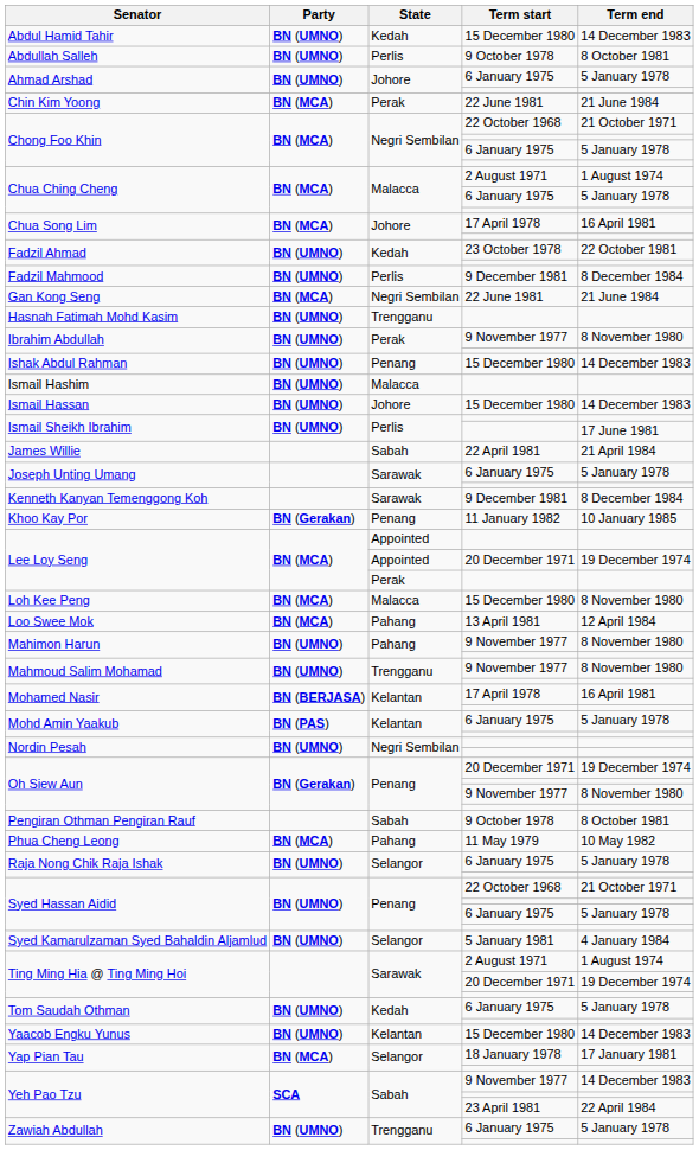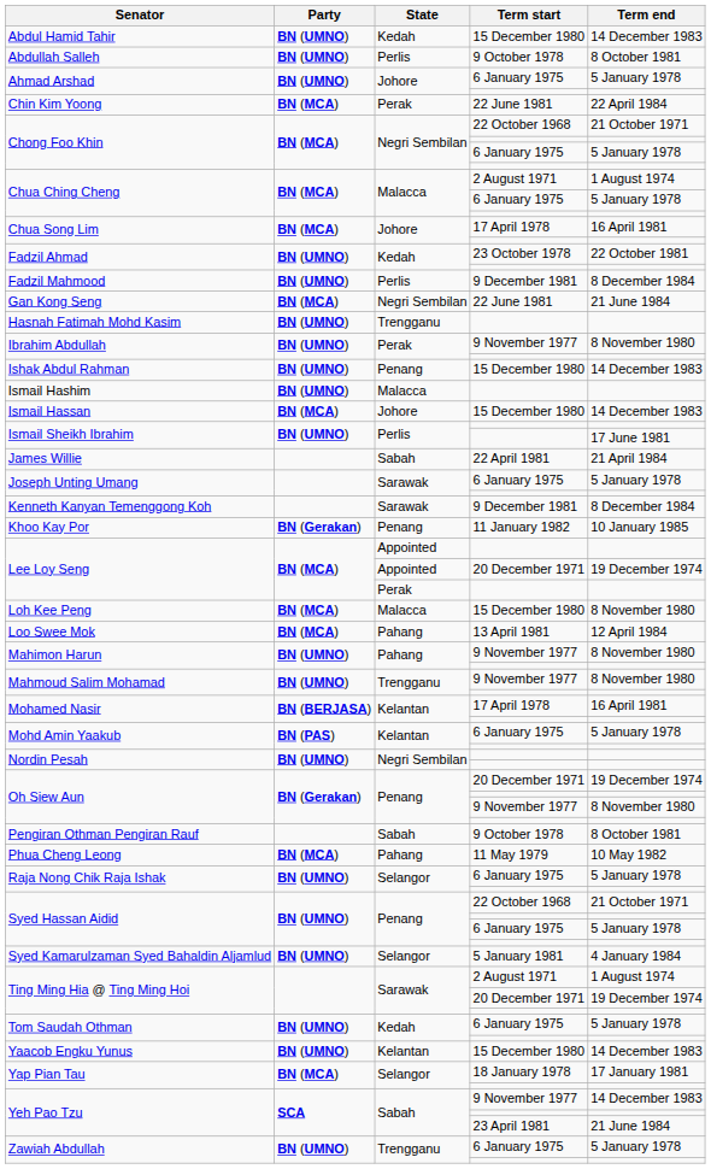 <table class="wikitable sortable">
 <tr>
 <th>Senator</th>
 <th>Party</th>
 <th>State</th>
 <th>Term start</th>
 <th>Term end</th>
 </tr>
 <tr>
 <td><a href='#'>Abdul Hamid Tahir</a></td>
 <td><strong><a href='#'>BN</a></strong> (<strong><a href='#'>UMNO</a></strong>)</td>
 <td>Kedah</td>
 <td>15 December 1980</td>
 <td>14 December 1983</td>
 </tr>
 <tr>
 <td><a href='#'>Abdullah Salleh</a></td>
 <td><strong><a href='#'>BN</a></strong> (<strong><a href='#'>UMNO</a></strong>)</td>
 <td>Perlis</td>
 <td>9 October 1978</td>
 <td>8 October 1981</td>
 </tr>
 <tr>
 <td rowspan=2><a href='#'>Ahmad Arshad</a></td>
 <td rowspan=2><strong><a href='#'>BN</a></strong> (<strong><a href='#'>UMNO</a></strong>)</td>
 <td rowspan=2>Johore</td>
 <td>6 January 1975</td>
 <td>5 January 1978</td>
 </tr>
 <tr>
 <td></td>
 <td></td>
 </tr>
 <tr>
 <td><a href='#'>Chin Kim Yoong</a></td>
 <td><strong><a href='#'>BN</a></strong> (<strong><a href='#'>MCA</a></strong>)</td>
 <td>Perak</td>
 <td>22 June 1981</td>
-<td>21 June 1984</td>
+<td>22 April 1984</td>
 </tr>
 <tr>
 <td rowspan=4><a href='#'>Chong Foo Khin</a></td>
 <td rowspan=4><strong><a href='#'>BN</a></strong> (<strong><a href='#'>MCA</a></strong>)</td>
 <td rowspan=4>Negri Sembilan</td>
 <td>22 October 1968</td>
 <td>21 October 1971</td>
 </tr>
 <tr>
 <td></td>
 <td></td>
 </tr>
 <tr>
 <td>6 January 1975</td>
 <td>5 January 1978</td>
 </tr>
 <tr>
 <td></td>
 <td></td>
 </tr>
 <tr>
 <td rowspan=3><a href='#'>Chua Ching Cheng</a></td>
 <td rowspan=3><strong><a href='#'>BN</a></strong> (<strong><a href='#'>MCA</a></strong>)</td>
 <td rowspan=3>Malacca</td>
 <td>2 August 1971</td>
 <td>1 August 1974</td>
 </tr>
 <tr>
 <td>6 January 1975</td>
 <td>5 January 1978</td>
 </tr>
 <tr>
 <td></td>
 <td></td>
 </tr>
 <tr>
 <td rowspan=2><a href='#'>Chua Song Lim</a></td>
 <td rowspan=2><strong><a href='#'>BN</a></strong> (<strong><a href='#'>MCA</a></strong>)</td>
 <td rowspan=2>Johore</td>
 <td>17 April 1978</td>
 <td>16 April 1981</td>
 </tr>
 <tr>
 <td></td>
 <td></td>
 </tr>
 <tr>
 <td rowspan=2><a href='#'>Fadzil Ahmad</a></td>
 <td rowspan=2><strong><a href='#'>BN</a></strong> (<strong><a href='#'>UMNO</a></strong>)</td>
 <td rowspan=2>Kedah</td>
 <td>23 October 1978</td>
 <td>22 October 1981</td>
 </tr>
 <tr>
 <td></td>
 <td></td>
 </tr>
 <tr>
 <td><a href='#'>Fadzil Mahmood</a></td>
 <td><strong><a href='#'>BN</a></strong> (<strong><a href='#'>UMNO</a></strong>)</td>
 <td>Perlis</td>
 <td>9 December 1981</td>
 <td>8 December 1984</td>
 </tr>
 <tr>
 <td><a href='#'>Gan Kong Seng</a></td>
 <td><strong><a href='#'>BN</a></strong> (<strong><a href='#'>MCA</a></strong>)</td>
 <td>Negri Sembilan</td>
 <td>22 June 1981</td>
 <td>21 June 1984</td>
 </tr>
 <tr>
 <td><a href='#'>Hasnah Fatimah Mohd Kasim</a></td>
 <td><strong><a href='#'>BN</a></strong> (<strong><a href='#'>UMNO</a></strong>)</td>
 <td>Trengganu</td>
 <td></td>
 <td></td>
 </tr>
 <tr>
 <td rowspan=2><a href='#'>Ibrahim Abdullah</a></td>
 <td rowspan=2><strong><a href='#'>BN</a></strong> (<strong><a href='#'>UMNO</a></strong>)</td>
 <td rowspan=2>Perak</td>
 <td>9 November 1977</td>
 <td>8 November 1980</td>
 </tr>
 <tr>
 <td></td>
 <td></td>
 </tr>
 <tr>
 <td><a href='#'>Ishak Abdul Rahman</a></td>
 <td><strong><a href='#'>BN</a></strong> (<strong><a href='#'>UMNO</a></strong>)</td>
 <td>Penang</td>
 <td>15 December 1980</td>
 <td>14 December 1983</td>
 </tr>
 <tr>
 <td>Ismail Hashim</td>
 <td><strong><a href='#'>BN</a></strong> (<strong><a href='#'>UMNO</a></strong>)</td>
 <td>Malacca</td>
 <td></td>
 <td></td>
 </tr>
 <tr>
 <td><a href='#'>Ismail Hassan</a></td>
-<td><strong><a href='#'>BN</a></strong> (<strong><a href='#'>UMNO</a></strong>)</td>
+<td><strong><a href='#'>BN</a></strong> (<strong><a href='#'>MCA</a></strong>)</td>
 <td>Johore</td>
 <td>15 December 1980</td>
 <td>14 December 1983</td>
 </tr>
 <tr>
 <td rowspan=2><a href='#'>Ismail Sheikh Ibrahim</a></td>
 <td rowspan=2><strong><a href='#'>BN</a></strong> (<strong><a href='#'>UMNO</a></strong>)</td>
 <td rowspan=2>Perlis</td>
 <td></td>
 <td></td>
 </tr>
 <tr>
 <td></td>
 <td>17 June 1981</td>
 </tr>
 <tr>
 <td><a href='#'>James Willie</a></td>
 <td></td>
 <td>Sabah</td>
 <td>22 April 1981</td>
 <td>21 April 1984</td>
 </tr>
 <tr>
 <td rowspan=2><a href='#'>Joseph Unting Umang</a></td>
 <td rowspan=2></td>
 <td rowspan=2>Sarawak</td>
 <td>6 January 1975</td>
 <td>5 January 1978</td>
 </tr>
 <tr>
 <td></td>
 <td></td>
 </tr>
 <tr>
 <td><a href='#'>Kenneth Kanyan Temenggong Koh</a></td>
 <td></td>
 <td>Sarawak</td>
 <td>9 December 1981</td>
 <td>8 December 1984</td>
 </tr>
 <tr>
 <td><a href='#'>Khoo Kay Por</a></td>
 <td><strong><a href='#'>BN</a></strong> (<strong><a href='#'>Gerakan</a></strong>)</td>
 <td>Penang</td>
 <td>11 January 1982</td>
 <td>10 January 1985</td>
 </tr>
 <tr>
 <td rowspan=3><a href='#'>Lee Loy Seng</a></td>
 <td rowspan=3><strong><a href='#'>BN</a></strong> (<strong><a href='#'>MCA</a></strong>)</td>
 <td>Appointed</td>
 <td></td>
 <td></td>
 </tr>
 <tr>
 <td>Appointed</td>
 <td>20 December 1971</td>
 <td>19 December 1974</td>
 </tr>
 <tr>
 <td>Perak</td>
 <td></td>
 <td></td>
 </tr>
 <tr>
 <td><a href='#'>Loh Kee Peng</a></td>
 <td><strong><a href='#'>BN</a></strong> (<strong><a href='#'>MCA</a></strong>)</td>
 <td>Malacca</td>
 <td>15 December 1980</td>
 <td>8 November 1980</td>
 </tr>
 <tr>
 <td><a href='#'>Loo Swee Mok</a></td>
 <td><strong><a href='#'>BN</a></strong> (<strong><a href='#'>MCA</a></strong>)</td>
 <td>Pahang</td>
 <td>13 April 1981</td>
 <td>12 April 1984</td>
 </tr>
 <tr>
 <td rowspan=2><a href='#'>Mahimon Harun</a></td>
 <td rowspan=2><strong><a href='#'>BN</a></strong> (<strong><a href='#'>UMNO</a></strong>)</td>
 <td rowspan=2>Pahang</td>
 <td>9 November 1977</td>
 <td>8 November 1980</td>
 </tr>
 <tr>
 <td></td>
 <td></td>
 </tr>
 <tr>
 <td rowspan=2><a href='#'>Mahmoud Salim Mohamad</a></td>
 <td rowspan=2><strong><a href='#'>BN</a></strong> (<strong><a href='#'>UMNO</a></strong>)</td>
 <td rowspan=2>Trengganu</td>
 <td>9 November 1977</td>
 <td>8 November 1980</td>
 </tr>
 <tr>
 <td></td>
 <td></td>
 </tr>
 <tr>
 <td rowspan=2><a href='#'>Mohamed Nasir</a></td>
 <td rowspan=2><strong><a href='#'>BN</a></strong> (<strong><a href='#'>BERJASA</a></strong>)</td>
 <td rowspan=2>Kelantan</td>
 <td>17 April 1978</td>
 <td>16 April 1981</td>
 </tr>
 <tr>
 <td></td>
 <td></td>
 </tr>
 <tr>
 <td rowspan=2><a href='#'>Mohd Amin Yaakub</a></td>
 <td rowspan=2><strong><a href='#'>BN</a></strong> (<strong><a href='#'>PAS</a></strong>)</td>
 <td rowspan=2>Kelantan</td>
 <td>6 January 1975</td>
 <td>5 January 1978</td>
 </tr>
 <tr>
 <td></td>
 <td></td>
 </tr>
 <tr>
 <td rowspan=2><a href='#'>Nordin Pesah</a></td>
 <td rowspan=2><strong><a href='#'>BN</a></strong> (<strong><a href='#'>UMNO</a></strong>)</td>
 <td rowspan=2>Negri Sembilan</td>
 <td></td>
 <td></td>
 </tr>
 <tr>
 <td></td>
 <td></td>
 </tr>
 <tr>
 <td rowspan=4><a href='#'>Oh Siew Aun</a></td>
 <td rowspan=4><strong><a href='#'>BN</a></strong> (<strong><a href='#'>Gerakan</a></strong>)</td>
 <td rowspan=4>Penang</td>
 <td>20 December 1971</td>
 <td>19 December 1974</td>
 </tr>
 <tr>
 <td></td>
 <td></td>
 </tr>
 <tr>
 <td>9 November 1977</td>
 <td>8 November 1980</td>
 </tr>
 <tr>
 <td></td>
 <td></td>
 </tr>
 <tr>
 <td><a href='#'>Pengiran Othman Pengiran Rauf</a></td>
 <td></td>
 <td>Sabah</td>
 <td>9 October 1978</td>
 <td>8 October 1981</td>
 </tr>
 <tr>
 <td><a href='#'>Phua Cheng Leong</a></td>
 <td><strong><a href='#'>BN</a></strong> (<strong><a href='#'>MCA</a></strong>)</td>
 <td>Pahang</td>
 <td>11 May 1979</td>
 <td>10 May 1982</td>
 </tr>
 <tr>
 <td rowspan=2><a href='#'>Raja Nong Chik Raja Ishak</a></td>
 <td rowspan=2><strong><a href='#'>BN</a></strong> (<strong><a href='#'>UMNO</a></strong>)</td>
 <td rowspan=2>Selangor</td>
 <td>6 January 1975</td>
 <td>5 January 1978</td>
 </tr>
 <tr>
 <td></td>
 <td></td>
 </tr>
 <tr>
 <td rowspan=4><a href='#'>Syed Hassan Aidid</a></td>
 <td rowspan=4><strong><a href='#'>BN</a></strong> (<strong><a href='#'>UMNO</a></strong>)</td>
 <td rowspan=4>Penang</td>
 <td>22 October 1968</td>
 <td>21 October 1971</td>
 </tr>
 <tr>
 <td></td>
 <td></td>
 </tr>
 <tr>
 <td>6 January 1975</td>
 <td>5 January 1978</td>
 </tr>
 <tr>
 <td></td>
 <td></td>
 </tr>
 <tr>
 <td><a href='#'>Syed Kamarulzaman Syed Bahaldin Aljamlud</a></td>
 <td><strong><a href='#'>BN</a></strong> (<strong><a href='#'>UMNO</a></strong>)</td>
 <td>Selangor</td>
 <td>5 January 1981</td>
 <td>4 January 1984</td>
 </tr>
 <tr>
 <td rowspan=3><a href='#'>Ting Ming Hia</a> @ <a href='#'>Ting Ming Hoi</a></td>
 <td rowspan=3></td>
 <td rowspan=3>Sarawak</td>
 <td>2 August 1971</td>
 <td>1 August 1974</td>
 </tr>
 <tr>
 <td>20 December 1971</td>
 <td>19 December 1974</td>
 </tr>
 <tr>
 <td></td>
 <td></td>
 </tr>
 <tr>
 <td rowspan=2><a href='#'>Tom Saudah Othman</a></td>
 <td rowspan=2><strong><a href='#'>BN</a></strong> (<strong><a href='#'>UMNO</a></strong>)</td>
 <td rowspan=2>Kedah</td>
 <td>6 January 1975</td>
 <td>5 January 1978</td>
 </tr>
 <tr>
 <td></td>
 <td></td>
 </tr>
 <tr>
 <td><a href='#'>Yaacob Engku Yunus</a></td>
 <td><strong><a href='#'>BN</a></strong> (<strong><a href='#'>UMNO</a></strong>)</td>
 <td>Kelantan</td>
 <td>15 December 1980</td>
 <td>14 December 1983</td>
 </tr>
 <tr>
 <td rowspan=2><a href='#'>Yap Pian Tau</a></td>
 <td rowspan=2><strong><a href='#'>BN</a></strong> (<strong><a href='#'>MCA</a></strong>)</td>
 <td rowspan=2>Selangor</td>
 <td>18 January 1978</td>
 <td>17 January 1981</td>
 </tr>
 <tr>
 <td></td>
 <td></td>
 </tr>
 <tr>
 <td rowspan=3><a href='#'>Yeh Pao Tzu</a></td>
 <td rowspan=3><strong><a href='#'>SCA</a></strong></td>
 <td rowspan=3>Sabah</td>
 <td>9 November 1977</td>
 <td>14 December 1983</td>
 </tr>
 <tr>
 <td></td>
 <td></td>
 </tr>
 <tr>
 <td>23 April 1981</td>
-<td>22 April 1984</td>
+<td>21 June 1984</td>
 </tr>
 <tr>
 <td rowspan=2><a href='#'>Zawiah Abdullah</a></td>
 <td rowspan=2><strong><a href='#'>BN</a></strong> (<strong><a href='#'>UMNO</a></strong>)</td>
 <td rowspan=2>Trengganu</td>
 <td>6 January 1975</td>
 <td>5 January 1978</td>
 </tr>
 <tr>
 <td></td>
 <td></td>
 </tr>
 </table>
